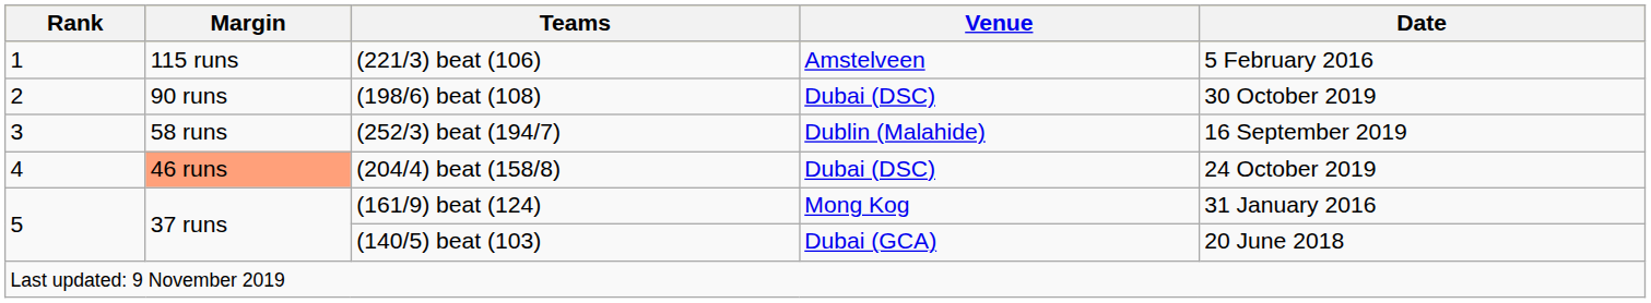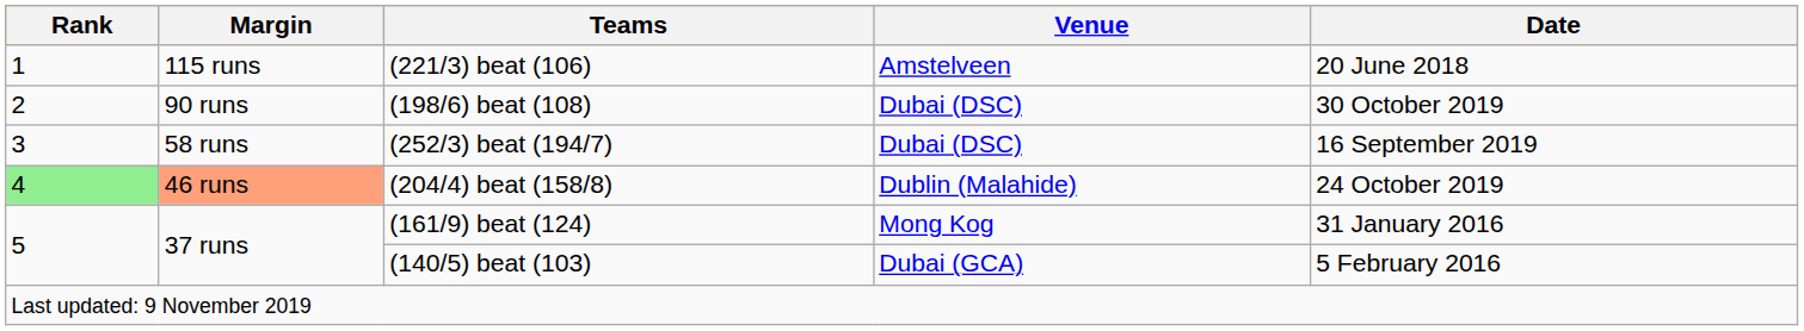 <table class="wikitable" style="width:90%;">
 <tr style="background:#bdb76b;">
 <th>Rank</th>
 <th>Margin</th>
 <th>Teams</th>
 <th><a href='#'>Venue</a></th>
 <th>Date</th>
 </tr>
 <tr>
 <td>1</td>
 <td>115 runs</td>
 <td> (221/3) beat  (106)</td>
 <td><a href='#'>Amstelveen</a></td>
-<td>5 February 2016</td>
+<td>20 June 2018</td>
 </tr>
 <tr>
 <td>2</td>
 <td>90 runs</td>
 <td> (198/6) beat  (108)</td>
 <td><a href='#'>Dubai (DSC)</a></td>
 <td>30 October 2019</td>
 </tr>
 <tr>
 <td>3</td>
 <td>58 runs</td>
 <td> (252/3) beat  (194/7)</td>
-<td><a href='#'>Dublin (Malahide)</a></td>
+<td><a href='#'>Dubai (DSC)</a></td>
 <td>16 September 2019</td>
 </tr>
 <tr>
-<td>4</td>
+<td style="background: lightgreen;">4</td>
 <td style="background: lightsalmon;">46 runs</td>
 <td> (204/4) beat  (158/8)</td>
-<td><a href='#'>Dubai (DSC)</a></td>
+<td><a href='#'>Dublin (Malahide)</a></td>
 <td>24 October 2019</td>
 </tr>
 <tr>
 <td rowspan=2>5</td>
 <td rowspan=2>37 runs</td>
 <td> (161/9) beat  (124)</td>
 <td><a href='#'>Mong Kog</a></td>
 <td>31 January 2016</td>
 </tr>
 <tr>
 <td> (140/5) beat  (103)</td>
 <td><a href='#'>Dubai (GCA)</a></td>
-<td>20 June 2018</td>
+<td>5 February 2016</td>
 </tr>
 <tr>
 <td colspan=5><small>Last updated: 9 November 2019</small></td>
 </tr>
 </table>
